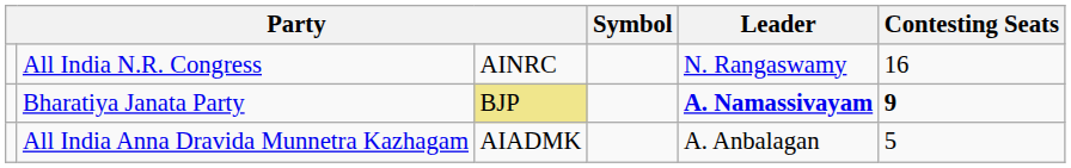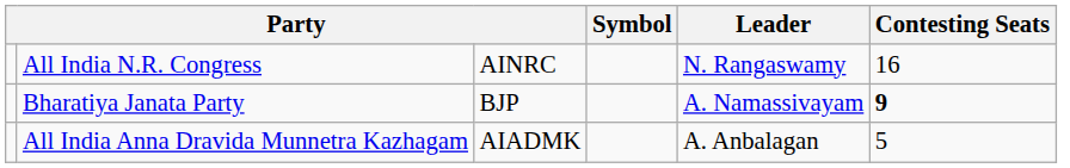 <table class="wikitable">
 <tr>
 <th colspan="3">Party</th>
 <th>Symbol</th>
 <th>Leader</th>
 <th>Contesting Seats</th>
 </tr>
 <tr>
 <td></td>
 <td><a href='#'>All India N.R. Congress</a></td>
 <td>AINRC</td>
 <td></td>
 <td><a href='#'>N. Rangaswamy</a></td>
 <td>16</td>
 </tr>
 <tr>
 <td></td>
 <td><a href='#'>Bharatiya Janata Party</a></td>
-<td style="background: khaki;">BJP</td>
+<td>BJP</td>
 <td></td>
-<td><strong><a href='#'>A. Namassivayam</a></strong></td>
+<td><a href='#'>A. Namassivayam</a></td>
 <td><strong>9</strong></td>
 </tr>
 <tr>
 <td></td>
 <td><a href='#'>All India Anna Dravida Munnetra Kazhagam</a></td>
 <td>AIADMK</td>
 <td></td>
 <td>A. Anbalagan</td>
 <td>5</td>
 </tr>
 </table>
